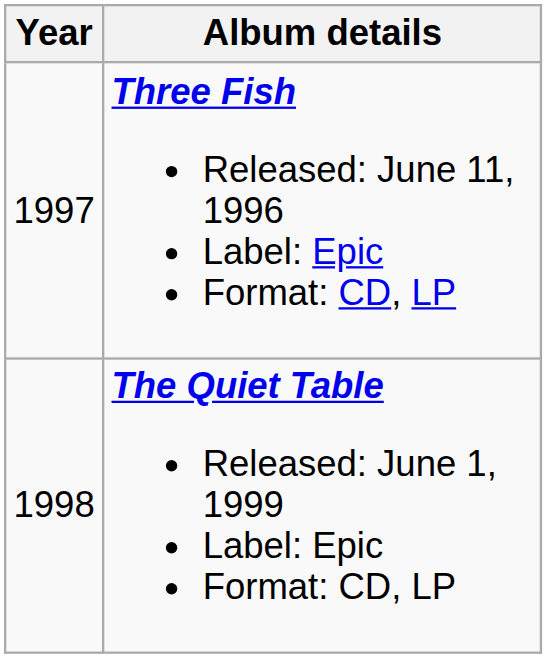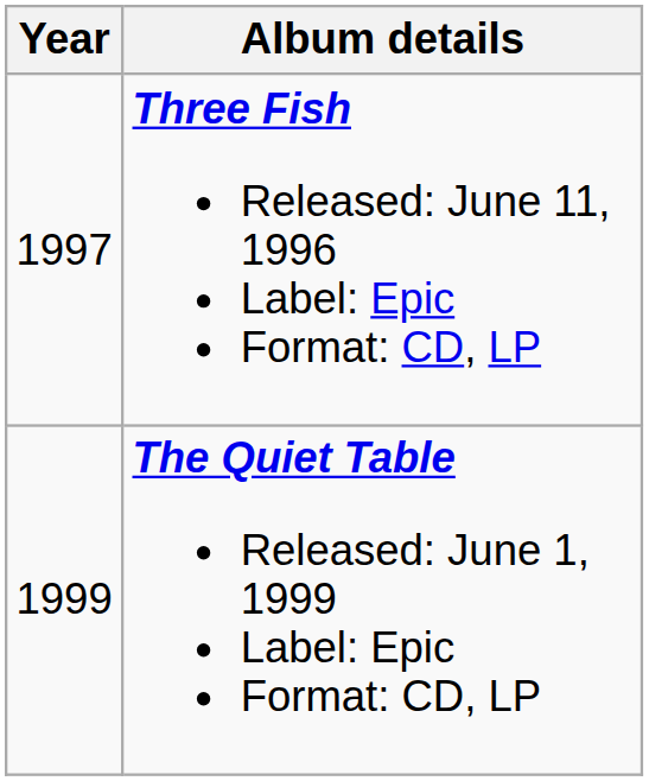 <table class ="wikitable" border="1">
 <tr>
 <th>Year</th>
 <th width="185">Album details</th>
 </tr>
 <tr>
 <td>1997</td>
 <td><strong><em><a href='#'>Three Fish</a></em></strong><br><ul><li>Released: June 11, 1996</li><li>Label: <a href='#'>Epic</a></li><li>Format: <a href='#'>CD</a>, <a href='#'>LP</a></li></ul></td>
 </tr>
 <tr>
-<td>1998</td>
+<td>1999</td>
 <td><strong><em><a href='#'>The Quiet Table</a></em></strong><br><ul><li>Released: June 1, 1999</li><li>Label: Epic</li><li>Format: CD, LP</li></ul></td>
 </tr>
 </table>
